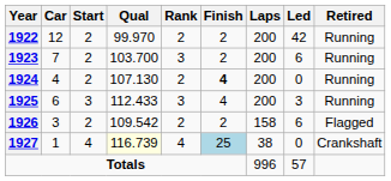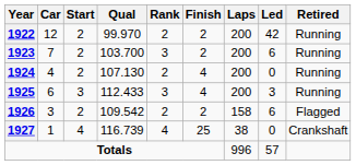 <table class="wikitable" style="text-align:center">
 <tr>
 <th>Year</th>
 <th>Car</th>
 <th>Start</th>
 <th>Qual</th>
 <th>Rank</th>
 <th>Finish</th>
 <th>Laps</th>
 <th>Led</th>
 <th>Retired</th>
 </tr>
 <tr>
 <th><a href='#'>1922</a></th>
 <td>12</td>
 <td>2</td>
 <td>99.970</td>
 <td>2</td>
 <td>2</td>
 <td>200</td>
 <td>42</td>
 <td>Running</td>
 </tr>
 <tr>
 <th><a href='#'>1923</a></th>
 <td>7</td>
 <td>2</td>
 <td>103.700</td>
 <td>3</td>
 <td>2</td>
 <td>200</td>
 <td>6</td>
 <td>Running</td>
 </tr>
 <tr>
 <th><a href='#'>1924</a></th>
 <td>4</td>
 <td>2</td>
 <td>107.130</td>
 <td>2</td>
-<td><strong>4</strong></td>
+<td>4</td>
 <td>200</td>
 <td>0</td>
 <td>Running</td>
 </tr>
 <tr>
 <th><a href='#'>1925</a></th>
 <td>6</td>
 <td>3</td>
 <td>112.433</td>
 <td>3</td>
 <td>4</td>
 <td>200</td>
 <td>3</td>
 <td>Running</td>
 </tr>
 <tr>
 <th><a href='#'>1926</a></th>
 <td>3</td>
 <td>2</td>
 <td>109.542</td>
 <td>2</td>
 <td>2</td>
 <td>158</td>
 <td>6</td>
 <td>Flagged</td>
 </tr>
 <tr>
 <th><a href='#'>1927</a></th>
 <td>1</td>
 <td>4</td>
-<td style="background: lightyellow;">116.739</td>
+<td>116.739</td>
 <td>4</td>
-<td style="background: lightblue;">25</td>
+<td>25</td>
 <td>38</td>
 <td>0</td>
 <td>Crankshaft</td>
 </tr>
 <tr>
 <td colspan=6><strong>Totals</strong></td>
 <td>996</td>
 <td>57</td>
 <td></td>
 </tr>
 </table>
